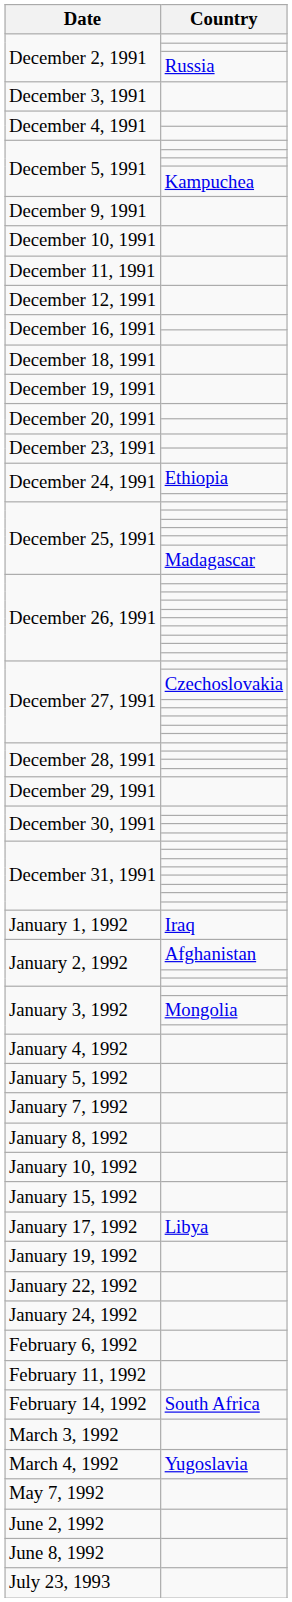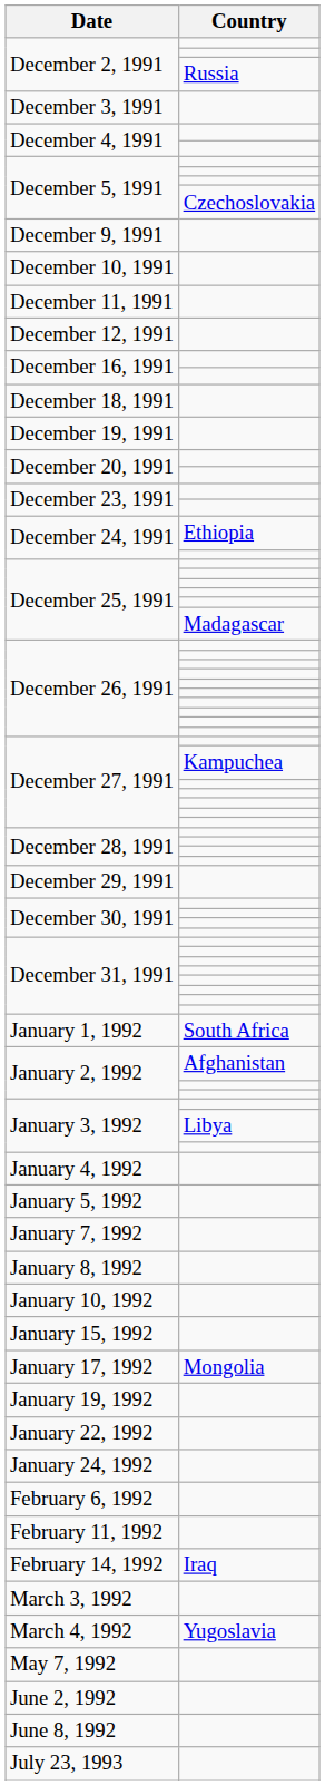 <table class="wikitable sortable" style="margin:1em auto;">
 <tr>
 <th scope="col" data-sort-type="date">Date</th>
 <th scope="col">Country</th>
 </tr>
 <tr>
 <td rowspan="3">December 2, 1991</td>
 <td></td>
 </tr>
 <tr>
 <td></td>
 </tr>
 <tr>
 <td> <a href='#'>Russia</a></td>
 </tr>
 <tr>
 <td>December 3, 1991</td>
 <td></td>
 </tr>
 <tr>
 <td rowspan="2">December 4, 1991</td>
 <td></td>
 </tr>
 <tr>
 <td></td>
 </tr>
 <tr>
 <td rowspan="4">December 5, 1991</td>
 <td></td>
 </tr>
 <tr>
 <td></td>
 </tr>
 <tr>
 <td></td>
 </tr>
 <tr>
-<td> <a href='#'>Kampuchea</a></td>
+<td> <a href='#'>Czechoslovakia</a></td>
 </tr>
 <tr>
 <td>December 9, 1991</td>
 <td></td>
 </tr>
 <tr>
 <td>December 10, 1991</td>
 <td></td>
 </tr>
 <tr>
 <td>December 11, 1991</td>
 <td></td>
 </tr>
 <tr>
 <td>December 12, 1991</td>
 <td></td>
 </tr>
 <tr>
 <td rowspan="2">December 16, 1991</td>
 <td></td>
 </tr>
 <tr>
 <td></td>
 </tr>
 <tr>
 <td>December 18, 1991</td>
 <td></td>
 </tr>
 <tr>
 <td>December 19, 1991</td>
 <td></td>
 </tr>
 <tr>
 <td rowspan="2">December 20, 1991</td>
 <td></td>
 </tr>
 <tr>
 <td></td>
 </tr>
 <tr>
 <td rowspan="2">December 23, 1991</td>
 <td></td>
 </tr>
 <tr>
 <td></td>
 </tr>
 <tr>
 <td rowspan="2">December 24, 1991</td>
 <td> <a href='#'>Ethiopia</a></td>
 </tr>
 <tr>
 <td></td>
 </tr>
 <tr>
 <td rowspan="6">December 25, 1991</td>
 <td></td>
 </tr>
 <tr>
 <td></td>
 </tr>
 <tr>
 <td></td>
 </tr>
 <tr>
 <td></td>
 </tr>
 <tr>
 <td></td>
 </tr>
 <tr>
 <td> <a href='#'>Madagascar</a></td>
 </tr>
 <tr>
 <td rowspan="10">December 26, 1991</td>
 <td></td>
 </tr>
 <tr>
 <td></td>
 </tr>
 <tr>
 <td></td>
 </tr>
 <tr>
 <td></td>
 </tr>
 <tr>
 <td></td>
 </tr>
 <tr>
 <td></td>
 </tr>
 <tr>
 <td></td>
 </tr>
 <tr>
 <td></td>
 </tr>
 <tr>
 <td></td>
 </tr>
 <tr>
 <td></td>
 </tr>
 <tr>
 <td rowspan="7">December 27, 1991</td>
 <td></td>
 </tr>
 <tr>
-<td> <a href='#'>Czechoslovakia</a></td>
+<td> <a href='#'>Kampuchea</a></td>
 </tr>
 <tr>
 <td></td>
 </tr>
 <tr>
 <td></td>
 </tr>
 <tr>
 <td></td>
 </tr>
 <tr>
 <td></td>
 </tr>
 <tr>
 <td></td>
 </tr>
 <tr>
 <td rowspan="4">December 28, 1991</td>
 <td></td>
 </tr>
 <tr>
 <td></td>
 </tr>
 <tr>
 <td></td>
 </tr>
 <tr>
 <td></td>
 </tr>
 <tr>
 <td>December 29, 1991</td>
 <td></td>
 </tr>
 <tr>
 <td rowspan="4">December 30, 1991</td>
 <td></td>
 </tr>
 <tr>
 <td></td>
 </tr>
 <tr>
 <td></td>
 </tr>
 <tr>
 <td></td>
 </tr>
 <tr>
 <td rowspan="8">December 31, 1991</td>
 <td></td>
 </tr>
 <tr>
 <td></td>
 </tr>
 <tr>
 <td></td>
 </tr>
 <tr>
 <td></td>
 </tr>
 <tr>
 <td></td>
 </tr>
 <tr>
 <td></td>
 </tr>
 <tr>
 <td></td>
 </tr>
 <tr>
 <td></td>
 </tr>
 <tr>
 <td>January 1, 1992</td>
-<td> <a href='#'>Iraq</a></td>
+<td> <a href='#'>South Africa</a></td>
 </tr>
 <tr>
 <td rowspan="3">January 2, 1992</td>
 <td> <a href='#'>Afghanistan</a></td>
 </tr>
 <tr>
 <td></td>
 </tr>
 <tr>
 <td></td>
 </tr>
 <tr>
 <td rowspan="3">January 3, 1992</td>
 <td></td>
 </tr>
 <tr>
-<td> <a href='#'>Mongolia</a></td>
+<td> <a href='#'>Libya</a></td>
 </tr>
 <tr>
 <td></td>
 </tr>
 <tr>
 <td>January 4, 1992</td>
 <td></td>
 </tr>
 <tr>
 <td>January 5, 1992</td>
 <td></td>
 </tr>
 <tr>
 <td>January 7, 1992</td>
 <td></td>
 </tr>
 <tr>
 <td>January 8, 1992</td>
 <td></td>
 </tr>
 <tr>
 <td>January 10, 1992</td>
 <td></td>
 </tr>
 <tr>
 <td>January 15, 1992</td>
 <td></td>
 </tr>
 <tr>
 <td>January 17, 1992</td>
-<td> <a href='#'>Libya</a></td>
+<td> <a href='#'>Mongolia</a></td>
 </tr>
 <tr>
 <td>January 19, 1992</td>
 <td></td>
 </tr>
 <tr>
 <td>January 22, 1992</td>
 <td></td>
 </tr>
 <tr>
 <td>January 24, 1992</td>
 <td></td>
 </tr>
 <tr>
 <td>February 6, 1992</td>
 <td></td>
 </tr>
 <tr>
 <td>February 11, 1992</td>
 <td></td>
 </tr>
 <tr>
 <td>February 14, 1992</td>
-<td> <a href='#'>South Africa</a></td>
+<td> <a href='#'>Iraq</a></td>
 </tr>
 <tr>
 <td>March 3, 1992</td>
 <td></td>
 </tr>
 <tr>
 <td>March 4, 1992</td>
 <td> <a href='#'>Yugoslavia</a></td>
 </tr>
 <tr>
 <td>May 7, 1992</td>
 <td></td>
 </tr>
 <tr>
 <td>June 2, 1992</td>
 <td></td>
 </tr>
 <tr>
 <td>June 8, 1992</td>
 <td></td>
 </tr>
 <tr>
 <td>July 23, 1993</td>
 <td></td>
 </tr>
 </table>
